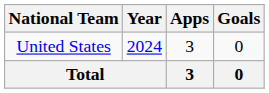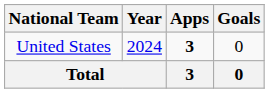 <table class="wikitable" style="text-align:center">
 <tr>
 <th>National Team</th>
 <th>Year</th>
 <th>Apps</th>
 <th>Goals</th>
 </tr>
 <tr>
 <td rowspan=1><a href='#'>United States</a></td>
 <td><a href='#'>2024</a></td>
-<td>3</td>
+<td><strong>3</strong></td>
 <td>0</td>
 </tr>
 <tr>
 <th colspan=2>Total</th>
 <th>3</th>
 <th>0</th>
 </tr>
 </table>
